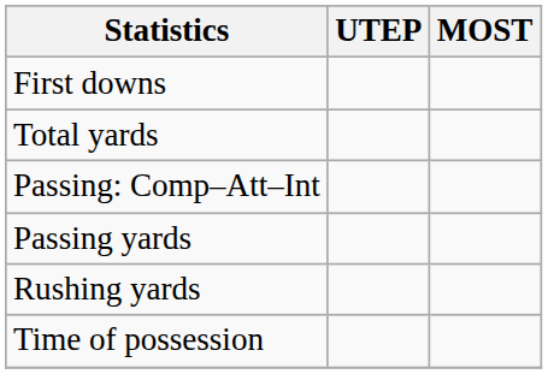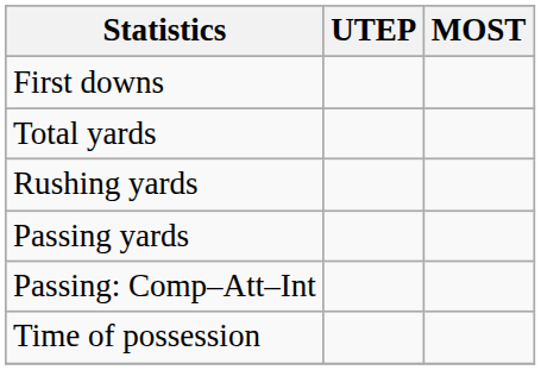 <table class="wikitable" style="float: left;">
 <tr>
 <th>Statistics</th>
 <th>UTEP</th>
 <th>MOST</th>
 </tr>
 <tr>
 <td>First downs</td>
 <td></td>
 <td></td>
 </tr>
 <tr>
 <td>Total yards</td>
 <td></td>
 <td></td>
 </tr>
 <tr>
-<td>Passing: Comp–Att–Int</td>
+<td>Rushing yards</td>
 <td></td>
 <td></td>
 </tr>
 <tr>
 <td>Passing yards</td>
 <td></td>
 <td></td>
 </tr>
 <tr>
-<td>Rushing yards</td>
+<td>Passing: Comp–Att–Int</td>
 <td></td>
 <td></td>
 </tr>
 <tr>
 <td>Time of possession</td>
 <td></td>
 <td></td>
 </tr>
 <tr>
 </tr>
 </table>
